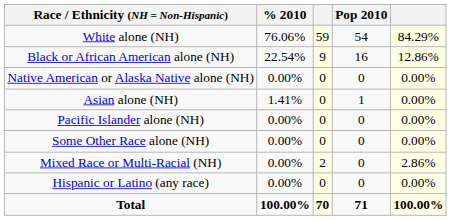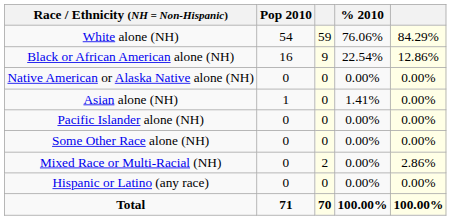 <table class="wikitable"  style="text-align:center;">
 <tr>
 <th>Race / Ethnicity <small>(<em>NH = Non-Hispanic</em>)</small></th>
+<th>Pop 2010</th>
+<th></th>
 <th>% 2010</th>
-<th></th>
-<th>Pop 2010</th>
 <th></th>
 </tr>
 <tr>
 <td><a href='#'>White</a> alone (NH)</td>
+<td>54</td>
+<td style='background: #ffffe6;'>59</td>
 <td>76.06%</td>
-<td style='background: #ffffe6;'>59</td>
-<td>54</td>
 <td style='background: #ffffe6;'>84.29%</td>
 </tr>
 <tr>
 <td><a href='#'>Black or African American</a> alone (NH)</td>
+<td>16</td>
+<td style='background: #ffffe6;'>9</td>
 <td>22.54%</td>
-<td style='background: #ffffe6;'>9</td>
-<td>16</td>
 <td style='background: #ffffe6;'>12.86%</td>
 </tr>
 <tr>
 <td><a href='#'>Native American</a> or <a href='#'>Alaska Native</a> alone (NH)</td>
+<td>0</td>
+<td style='background: #ffffe6;'>0</td>
 <td>0.00%</td>
-<td style='background: #ffffe6;'>0</td>
-<td>0</td>
 <td style='background: #ffffe6;'>0.00%</td>
 </tr>
 <tr>
 <td><a href='#'>Asian</a> alone (NH)</td>
+<td>1</td>
+<td style='background: #ffffe6;'>0</td>
 <td>1.41%</td>
-<td style='background: #ffffe6;'>0</td>
-<td>1</td>
 <td style='background: #ffffe6;'>0.00%</td>
 </tr>
 <tr>
 <td><a href='#'>Pacific Islander</a> alone (NH)</td>
+<td>0</td>
+<td style='background: #ffffe6;'>0</td>
 <td>0.00%</td>
-<td style='background: #ffffe6;'>0</td>
-<td>0</td>
 <td style='background: #ffffe6;'>0.00%</td>
 </tr>
 <tr>
 <td><a href='#'>Some Other Race</a> alone (NH)</td>
+<td>0</td>
+<td style='background: #ffffe6;'>0</td>
 <td>0.00%</td>
-<td style='background: #ffffe6;'>0</td>
-<td>0</td>
 <td style='background: #ffffe6;'>0.00%</td>
 </tr>
 <tr>
 <td><a href='#'>Mixed Race or Multi-Racial</a> (NH)</td>
+<td>0</td>
+<td style='background: #ffffe6;'>2</td>
 <td>0.00%</td>
-<td style='background: #ffffe6;'>2</td>
-<td>0</td>
 <td style='background: #ffffe6;'>2.86%</td>
 </tr>
 <tr>
 <td><a href='#'>Hispanic or Latino</a> (any race)</td>
+<td>0</td>
+<td style='background: #ffffe6;'>0</td>
 <td>0.00%</td>
-<td style='background: #ffffe6;'>0</td>
-<td>0</td>
 <td style='background: #ffffe6;'>0.00%</td>
 </tr>
 <tr>
 <td><strong>Total</strong></td>
+<td><strong>71</strong></td>
+<td style='background: #ffffe6;'><strong>70</strong></td>
 <td><strong>100.00%</strong></td>
-<td style='background: #ffffe6;'><strong>70</strong></td>
-<td><strong>71</strong></td>
 <td style='background: #ffffe6;'><strong>100.00%</strong></td>
 </tr>
 </table>
